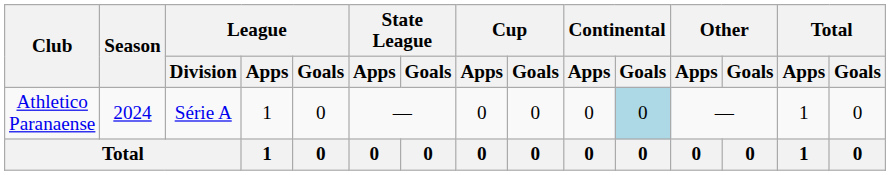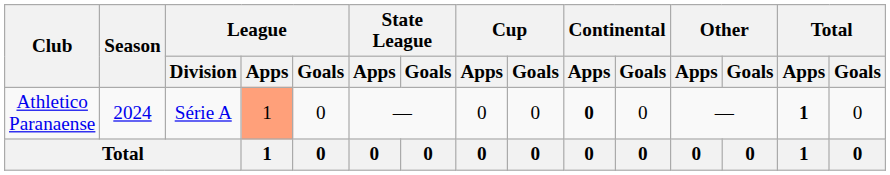 <table class="wikitable" style="text-align: center;">
 <tr>
 <th rowspan="2">Club</th>
 <th rowspan="2">Season</th>
 <th colspan="3">League</th>
 <th colspan="2">State League</th>
 <th colspan="2">Cup</th>
 <th colspan="2">Continental</th>
 <th colspan="2">Other</th>
 <th colspan="2">Total</th>
 </tr>
 <tr>
 <th>Division</th>
 <th>Apps</th>
 <th>Goals</th>
 <th>Apps</th>
 <th>Goals</th>
 <th>Apps</th>
 <th>Goals</th>
 <th>Apps</th>
 <th>Goals</th>
 <th>Apps</th>
 <th>Goals</th>
 <th>Apps</th>
 <th>Goals</th>
 </tr>
 <tr>
 <td valign="center"><a href='#'>Athletico Paranaense</a></td>
 <td><a href='#'>2024</a></td>
 <td><a href='#'>Série A</a></td>
-<td>1</td>
+<td style="background: lightsalmon;">1</td>
 <td>0</td>
 <td colspan="2">—</td>
 <td>0</td>
 <td>0</td>
+<td><strong>0</strong></td>
 <td>0</td>
-<td style="background: lightblue;">0</td>
 <td colspan="2">—</td>
-<td>1</td>
+<td><strong>1</strong></td>
 <td>0</td>
 </tr>
 <tr>
 <th colspan="3"><strong>Total</strong></th>
 <th>1</th>
 <th>0</th>
 <th>0</th>
 <th>0</th>
 <th>0</th>
 <th>0</th>
 <th>0</th>
 <th>0</th>
 <th>0</th>
 <th>0</th>
 <th>1</th>
 <th>0</th>
 </tr>
 </table>
